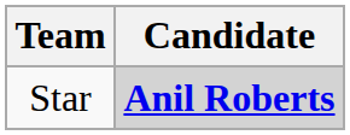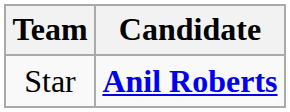 <table class="wikitable" style="text-align:center">
 <tr>
 <th>Team</th>
 <th>Candidate</th>
 </tr>
 <tr>
 <td>Star</td>
-<td style="background: lightgrey;"><strong><a href='#'>Anil Roberts</a></strong></td>
+<td><strong><a href='#'>Anil Roberts</a></strong></td>
 </tr>
 </table>
